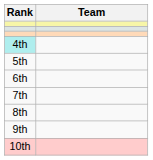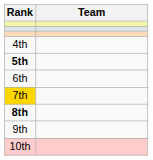 <table class="wikitable" style="text-align:center">
 <tr>
 <th width=30>Rank</th>
 <th width=160>Team</th>
 </tr>
 <tr bgcolor="#F7F6A8">
 <td></td>
 <td align=left></td>
 </tr>
 <tr bgcolor="#DCE5E5">
 <td></td>
 <td align=left></td>
 </tr>
 <tr bgcolor="#FFDAB9">
 <td></td>
 <td align=left></td>
 </tr>
 <tr>
-<td style="background: paleturquoise;">4th</td>
+<td>4th</td>
 <td align=left></td>
 </tr>
 <tr>
-<td>5th</td>
+<td><strong>5th</strong></td>
 <td align=left></td>
 </tr>
 <tr>
 <td>6th</td>
 <td align=left></td>
 </tr>
 <tr>
-<td>7th</td>
+<td style="background: gold;">7th</td>
 <td align=left></td>
 </tr>
 <tr>
-<td>8th</td>
+<td><strong>8th</strong></td>
 <td align=left></td>
 </tr>
 <tr>
 <td>9th</td>
 <td align=left></td>
 </tr>
 <tr style="background:#ffcccc;">
 <td>10th</td>
 <td align=left></td>
 </tr>
 </table>
